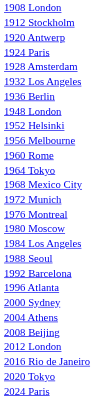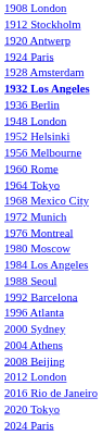 <table>
 <tr>
 <td><a href='#'>1908 London</a><br></td>
 <td></td>
 <td></td>
 <td></td>
 </tr>
 <tr>
 <td><a href='#'>1912 Stockholm</a><br></td>
 <td></td>
 <td></td>
 <td></td>
 </tr>
 <tr>
 <td><a href='#'>1920 Antwerp</a><br></td>
 <td></td>
 <td></td>
 <td></td>
 </tr>
 <tr>
 <td><a href='#'>1924 Paris</a><br></td>
 <td></td>
 <td></td>
 <td></td>
 </tr>
 <tr>
 <td><a href='#'>1928 Amsterdam</a><br></td>
 <td></td>
 <td></td>
 <td></td>
 </tr>
 <tr>
-<td><a href='#'>1932 Los Angeles</a><br></td>
+<td><strong><a href='#'>1932 Los Angeles</a><br></strong></td>
 <td></td>
 <td></td>
 <td></td>
 </tr>
 <tr>
 <td><a href='#'>1936 Berlin</a><br></td>
 <td></td>
 <td></td>
 <td></td>
 </tr>
 <tr>
 <td><a href='#'>1948 London</a><br></td>
 <td></td>
 <td></td>
 <td></td>
 </tr>
 <tr>
 <td><a href='#'>1952 Helsinki</a><br></td>
 <td></td>
 <td></td>
 <td></td>
 </tr>
 <tr>
 <td><a href='#'>1956 Melbourne</a><br></td>
 <td></td>
 <td></td>
 <td></td>
 </tr>
 <tr>
 <td><a href='#'>1960 Rome</a><br></td>
 <td></td>
 <td></td>
 <td></td>
 </tr>
 <tr>
 <td><a href='#'>1964 Tokyo</a><br></td>
 <td></td>
 <td></td>
 <td></td>
 </tr>
 <tr>
 <td><a href='#'>1968 Mexico City</a><br></td>
 <td></td>
 <td></td>
 <td></td>
 </tr>
 <tr>
 <td><a href='#'>1972 Munich</a><br></td>
 <td></td>
 <td></td>
 <td></td>
 </tr>
 <tr>
 <td><a href='#'>1976 Montreal</a><br></td>
 <td></td>
 <td></td>
 <td></td>
 </tr>
 <tr>
 <td><a href='#'>1980 Moscow</a><br></td>
 <td></td>
 <td></td>
 <td></td>
 </tr>
 <tr>
 <td><a href='#'>1984 Los Angeles</a><br></td>
 <td></td>
 <td></td>
 <td></td>
 </tr>
 <tr>
 <td><a href='#'>1988 Seoul</a><br></td>
 <td></td>
 <td></td>
 <td></td>
 </tr>
 <tr>
 <td><a href='#'>1992 Barcelona</a><br></td>
 <td></td>
 <td></td>
 <td></td>
 </tr>
 <tr>
 <td><a href='#'>1996 Atlanta</a><br></td>
 <td></td>
 <td></td>
 <td></td>
 </tr>
 <tr>
 <td><a href='#'>2000 Sydney</a><br></td>
 <td></td>
 <td></td>
 <td></td>
 </tr>
 <tr>
 <td><a href='#'>2004 Athens</a><br></td>
 <td></td>
 <td></td>
 <td></td>
 </tr>
 <tr>
 <td rowspan=2><a href='#'>2008 Beijing</a><br></td>
 <td rowspan=2></td>
 <td rowspan=2></td>
 <td></td>
 </tr>
 <tr>
 <td></td>
 </tr>
 <tr>
 <td rowspan=2><a href='#'>2012 London</a><br></td>
 <td rowspan=2></td>
 <td rowspan=2></td>
 <td></td>
 </tr>
 <tr>
 <td></td>
 </tr>
 <tr>
 <td rowspan=2><a href='#'>2016 Rio de Janeiro</a><br></td>
 <td rowspan=2></td>
 <td rowspan=2></td>
 <td></td>
 </tr>
 <tr>
 <td></td>
 </tr>
 <tr>
 <td rowspan=2><a href='#'>2020 Tokyo</a><br></td>
 <td rowspan=2></td>
 <td rowspan=2></td>
 <td></td>
 </tr>
 <tr>
 <td></td>
 </tr>
 <tr>
 <td rowspan=2><a href='#'>2024 Paris</a><br></td>
 <td rowspan=2></td>
 <td rowspan=2></td>
 <td></td>
 </tr>
 <tr>
 <td></td>
 </tr>
 </table>
